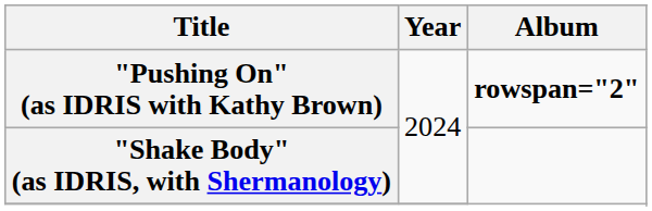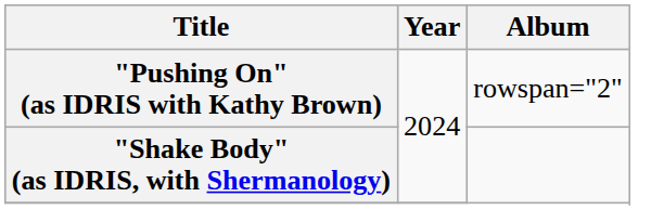 <table class="wikitable plainrowheaders" style="text-align:center;">
 <tr>
 <th scope="col">Title</th>
 <th scope="col">Year</th>
 <th scope="col">Album</th>
 </tr>
 <tr>
 <th scope="row">"Pushing On"<br><span>(as IDRIS with Kathy Brown)</span></th>
 <td rowspan="2">2024</td>
-<td><strong>rowspan="2" </strong></td>
+<td>rowspan="2" </td>
 </tr>
 <tr>
 <th scope="row">"Shake Body"<br><span>(as IDRIS, with <a href='#'>Shermanology</a>)</span></th>
 </tr>
 <tr>
 </tr>
 </table>
